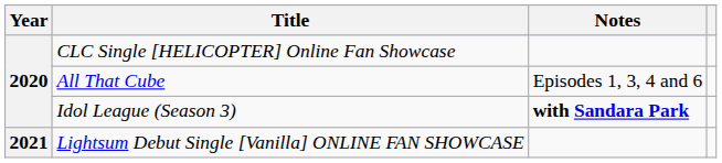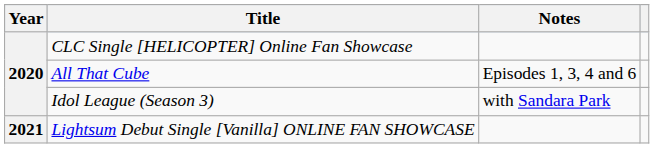 <table class="wikitable plainrowheaders">
 <tr style="background:#b0c4de; text-align:center;">
 <th>Year</th>
 <th>Title</th>
 <th>Notes</th>
 <th></th>
 </tr>
 <tr>
 <th scope="row" rowspan="3">2020</th>
 <td><em>CLC Single [HELICOPTER] Online Fan Showcase </em></td>
 <td></td>
 <td style="text-align:center"></td>
 </tr>
 <tr>
 <td><em><a href='#'>All That Cube</a></em></td>
 <td>Episodes 1, 3, 4 and 6</td>
 <td style="text-align:center"></td>
 </tr>
 <tr>
 <td><em>Idol League (Season 3)</em></td>
-<td><strong>with <a href='#'>Sandara Park</a></strong></td>
+<td>with <a href='#'>Sandara Park</a></td>
 <td style="text-align:center"></td>
 </tr>
 <tr>
 <th scope="row">2021</th>
 <td><em><a href='#'>Lightsum</a> Debut Single [Vanilla] ONLINE FAN SHOWCASE</em></td>
 <td></td>
 <td></td>
 </tr>
 </table>
